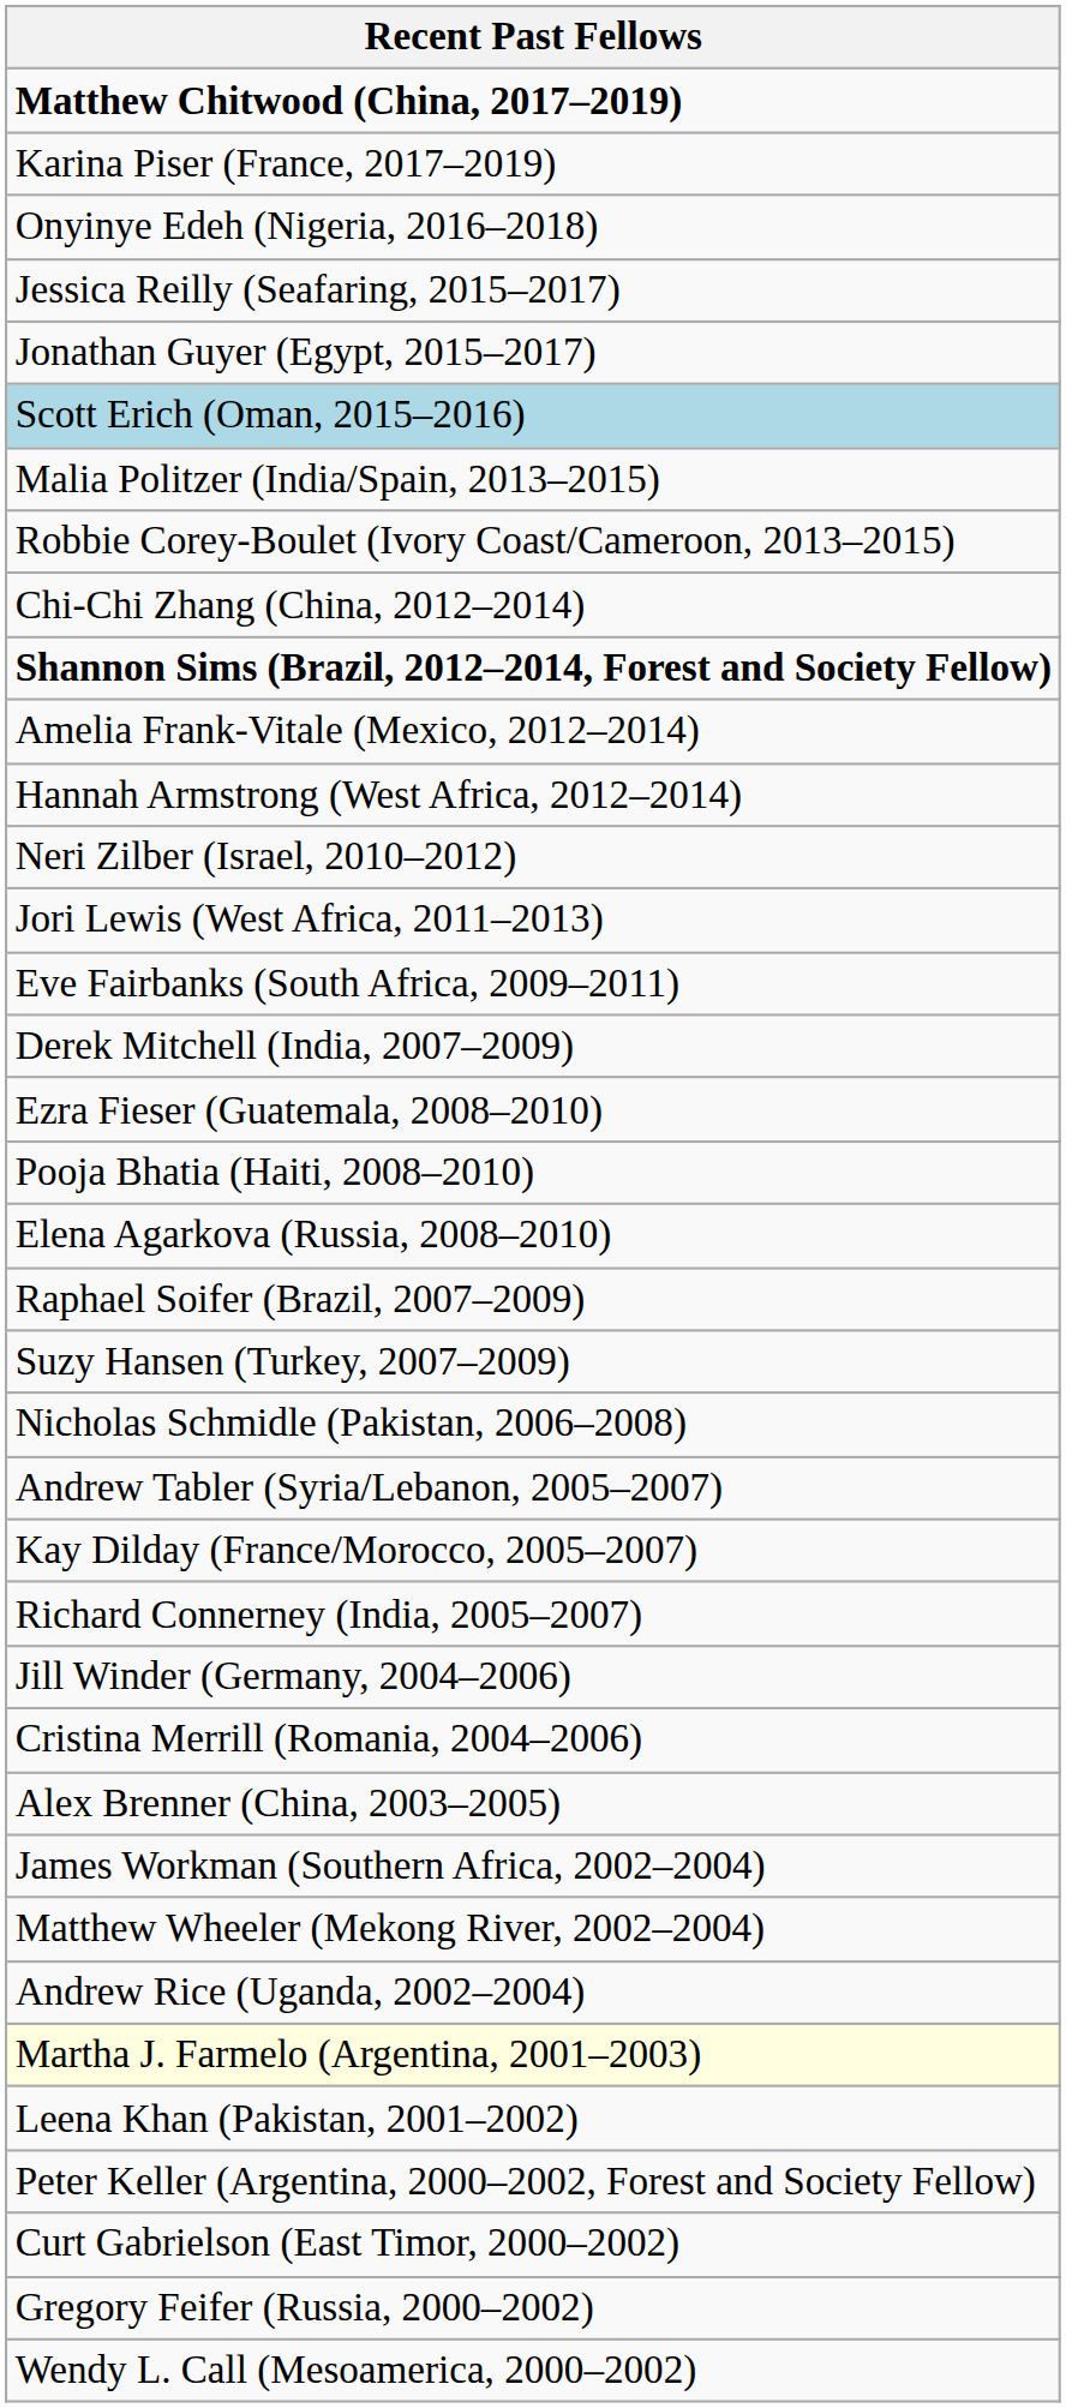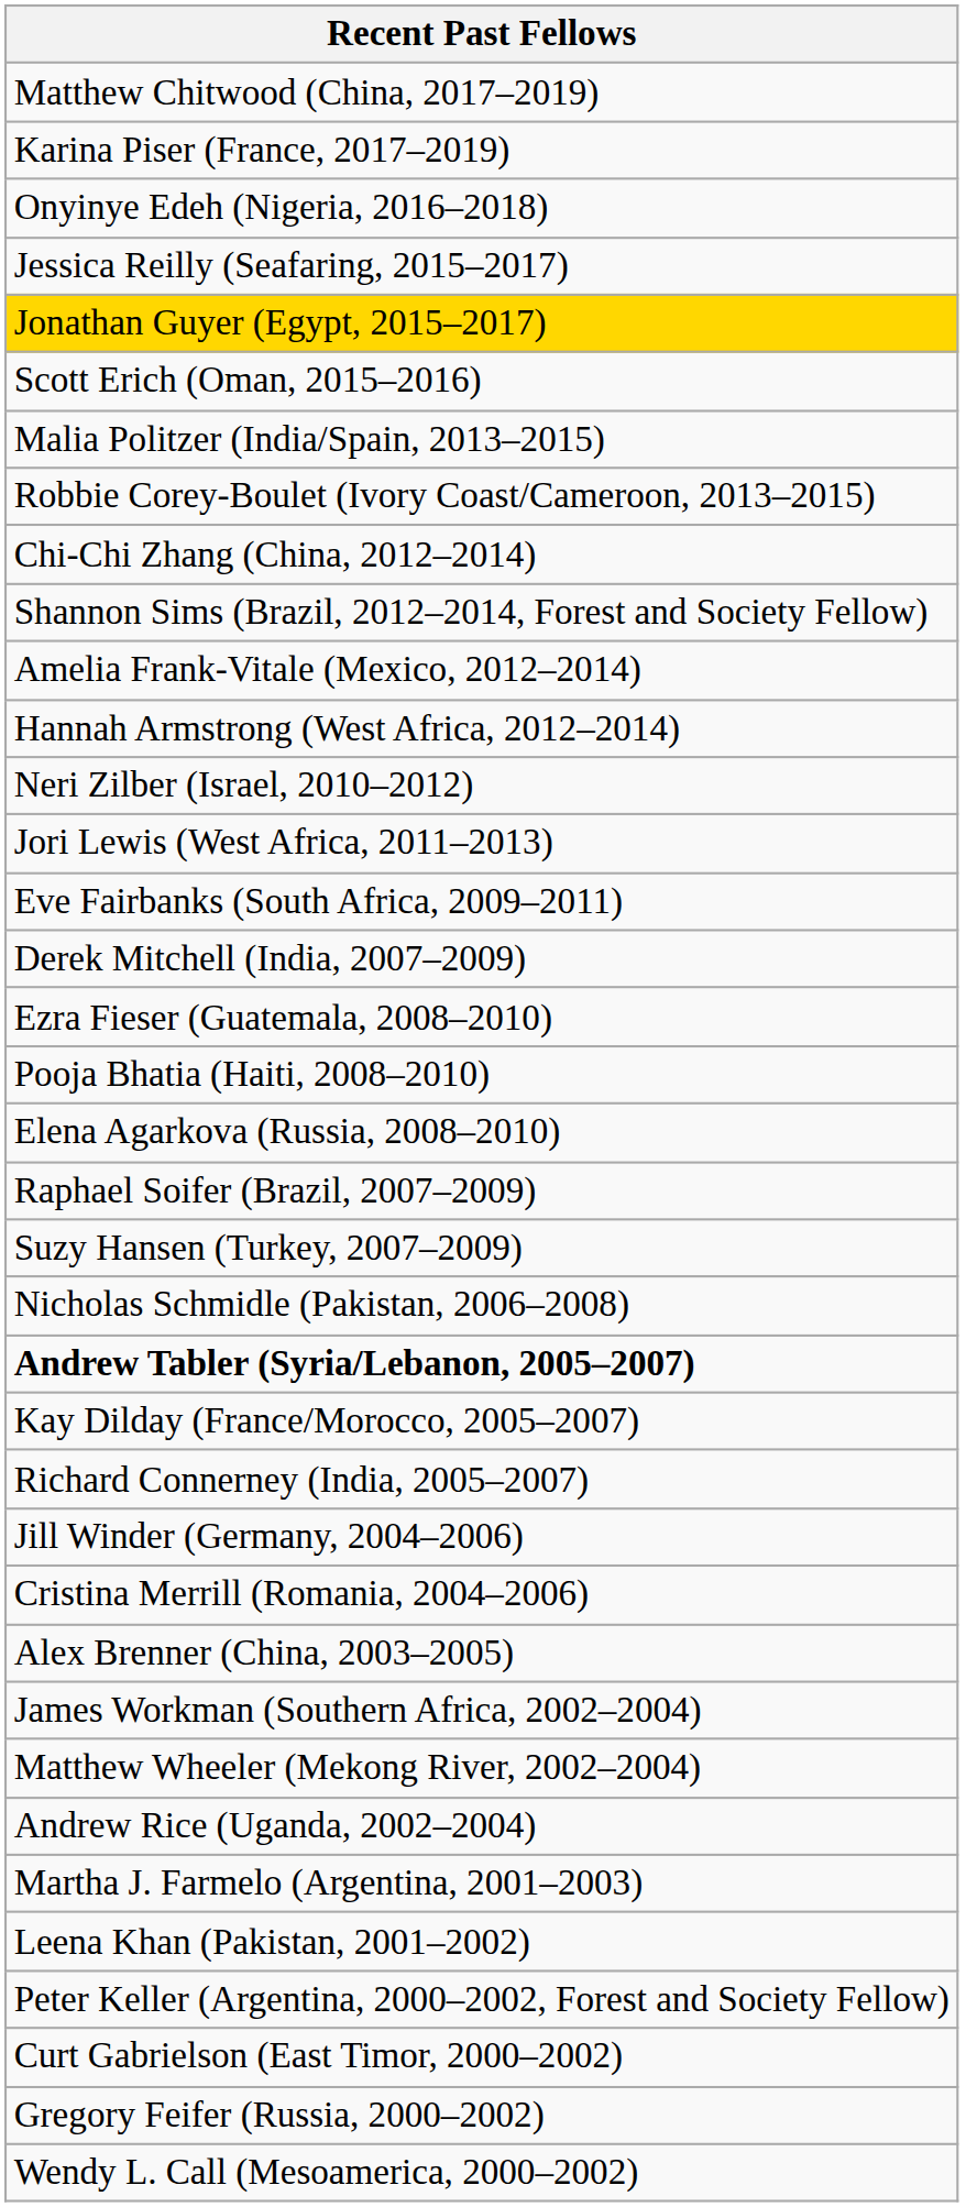 <table class="wikitable" border="1">
 <tr>
 <th>Recent Past Fellows </th>
 </tr>
 <tr>
-<td><strong>Matthew Chitwood (China, 2017–2019)</strong></td>
+<td>Matthew Chitwood (China, 2017–2019)</td>
 </tr>
 <tr>
 <td>Karina Piser (France, 2017–2019)</td>
 </tr>
 <tr>
 <td>Onyinye Edeh (Nigeria, 2016–2018)</td>
 </tr>
 <tr>
 <td>Jessica Reilly (Seafaring, 2015–2017)</td>
 </tr>
 <tr>
-<td>Jonathan Guyer (Egypt, 2015–2017)</td>
+<td style="background: gold;">Jonathan Guyer (Egypt, 2015–2017)</td>
 </tr>
 <tr>
-<td style="background: lightblue;">Scott Erich (Oman, 2015–2016)</td>
+<td>Scott Erich (Oman, 2015–2016)</td>
 </tr>
 <tr>
 <td>Malia Politzer (India/Spain, 2013–2015)</td>
 </tr>
 <tr>
 <td>Robbie Corey-Boulet (Ivory Coast/Cameroon, 2013–2015)</td>
 </tr>
 <tr>
 <td>Chi-Chi Zhang (China, 2012–2014)</td>
 </tr>
 <tr>
-<td><strong>Shannon Sims (Brazil, 2012–2014, Forest and Society Fellow)</strong></td>
+<td>Shannon Sims (Brazil, 2012–2014, Forest and Society Fellow)</td>
 </tr>
 <tr>
 <td>Amelia Frank-Vitale (Mexico, 2012–2014)</td>
 </tr>
 <tr>
 <td>Hannah Armstrong (West Africa, 2012–2014)</td>
 </tr>
 <tr>
 <td>Neri Zilber (Israel, 2010–2012)</td>
 </tr>
 <tr>
 <td>Jori Lewis (West Africa, 2011–2013)</td>
 </tr>
 <tr>
 <td>Eve Fairbanks (South Africa, 2009–2011)</td>
 </tr>
 <tr>
 <td>Derek Mitchell (India, 2007–2009)</td>
 </tr>
 <tr>
 <td>Ezra Fieser (Guatemala, 2008–2010)</td>
 </tr>
 <tr>
 <td>Pooja Bhatia (Haiti, 2008–2010)</td>
 </tr>
 <tr>
 <td>Elena Agarkova (Russia, 2008–2010)</td>
 </tr>
 <tr>
 <td>Raphael Soifer (Brazil, 2007–2009)</td>
 </tr>
 <tr>
 <td>Suzy Hansen (Turkey, 2007–2009)</td>
 </tr>
 <tr>
 <td>Nicholas Schmidle (Pakistan, 2006–2008)</td>
 </tr>
 <tr>
-<td>Andrew Tabler (Syria/Lebanon, 2005–2007)</td>
+<td><strong>Andrew Tabler (Syria/Lebanon, 2005–2007)</strong></td>
 </tr>
 <tr>
 <td>Kay Dilday (France/Morocco, 2005–2007)</td>
 </tr>
 <tr>
 <td>Richard Connerney (India, 2005–2007)</td>
 </tr>
 <tr>
 <td>Jill Winder (Germany, 2004–2006)</td>
 </tr>
 <tr>
 <td>Cristina Merrill (Romania, 2004–2006)</td>
 </tr>
 <tr>
 <td>Alex Brenner (China, 2003–2005)</td>
 </tr>
 <tr>
 <td>James Workman (Southern Africa, 2002–2004)</td>
 </tr>
 <tr>
 <td>Matthew Wheeler (Mekong River, 2002–2004)</td>
 </tr>
 <tr>
 <td>Andrew Rice (Uganda, 2002–2004)</td>
 </tr>
 <tr>
-<td style="background: lightyellow;">Martha J. Farmelo (Argentina, 2001–2003)</td>
+<td>Martha J. Farmelo (Argentina, 2001–2003)</td>
 </tr>
 <tr>
 <td>Leena Khan (Pakistan, 2001–2002)</td>
 </tr>
 <tr>
 <td>Peter Keller (Argentina, 2000–2002, Forest and Society Fellow)</td>
 </tr>
 <tr>
 <td>Curt Gabrielson (East Timor, 2000–2002)</td>
 </tr>
 <tr>
 <td>Gregory Feifer (Russia, 2000–2002)</td>
 </tr>
 <tr>
 <td>Wendy L. Call (Mesoamerica, 2000–2002)</td>
 </tr>
 </table>
